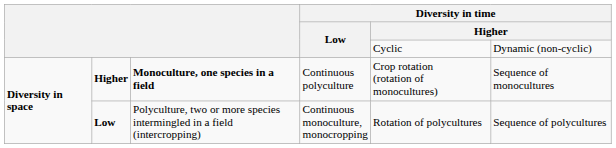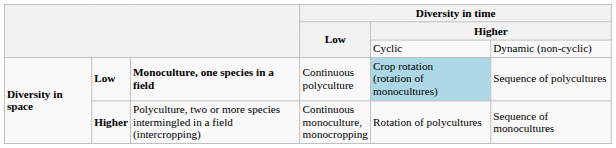 <table class="wikitable">
 <tr>
 <th colspan="3" rowspan="3"></th>
 <th colspan="3">Diversity in time</th>
 </tr>
 <tr>
 <th rowspan="2">Low</th>
 <th colspan="2">Higher</th>
 </tr>
 <tr>
 <td>Cyclic</td>
 <td>Dynamic (non-cyclic)</td>
 </tr>
 <tr>
 <td rowspan="2"><strong>Diversity in space</strong></td>
-<td><strong>Higher</strong></td>
+<td><strong>Low</strong></td>
 <td><strong>Monoculture, one species in a field</strong></td>
 <td>Continuous<br>polyculture</td>
-<td>Crop rotation<br>(rotation of monocultures)</td>
-<td>Sequence of monocultures</td>
+<td style="background: lightblue;">Crop rotation<br>(rotation of monocultures)</td>
+<td>Sequence of polycultures</td>
 </tr>
 <tr>
-<td><strong>Low</strong></td>
+<td><strong>Higher</strong></td>
 <td>Polyculture, two or more species<br>intermingled in a field (intercropping)</td>
 <td>Continuous<br>monoculture,<br>monocropping</td>
 <td>Rotation of polycultures</td>
-<td>Sequence of polycultures</td>
+<td>Sequence of monocultures</td>
 </tr>
 </table>
